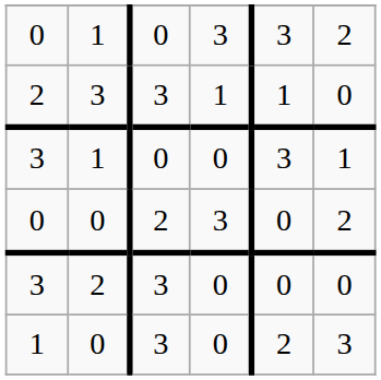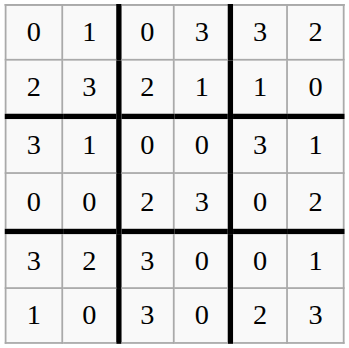 <table class="wikitable" style="margin-left:auto;margin-right:auto;text-align:center;width:12em;height:12em;table-layout:fixed;">
 <tr>
 </tr>
 <tr>
 <td>0</td>
 <td style="border-right:solid">1</td>
 <td>0</td>
 <td style="border-right:solid">3</td>
 <td>3</td>
 <td>2</td>
 </tr>
 <tr>
 <td>2</td>
 <td style="border-right:solid">3</td>
-<td>3</td>
+<td>2</td>
 <td style="border-right:solid">1</td>
 <td>1</td>
 <td>0</td>
 </tr>
 <tr>
 <td style="border-top:solid">3</td>
 <td style="border-right:solid; border-top:solid">1</td>
 <td style="border-top:solid">0</td>
 <td style="border-right:solid; border-top:solid">0</td>
 <td style="border-top:solid">3</td>
 <td style="border-top:solid">1</td>
 </tr>
 <tr>
 <td>0</td>
 <td style="border-right:solid">0</td>
 <td>2</td>
 <td style="border-right:solid">3</td>
 <td>0</td>
 <td>2</td>
 </tr>
 <tr>
 <td style="border-top:solid">3</td>
 <td style="border-right:solid; border-top:solid ">2</td>
 <td style="border-top:solid">3</td>
 <td style="border-right:solid; border-top:solid">0</td>
 <td style="border-top:solid">0</td>
-<td style="border-top:solid">0</td>
+<td style="border-top:solid">1</td>
 </tr>
 <tr>
 <td>1</td>
 <td style="border-right:solid">0</td>
 <td>3</td>
 <td style="border-right:solid">0</td>
 <td>2</td>
 <td>3</td>
 </tr>
 </table>
